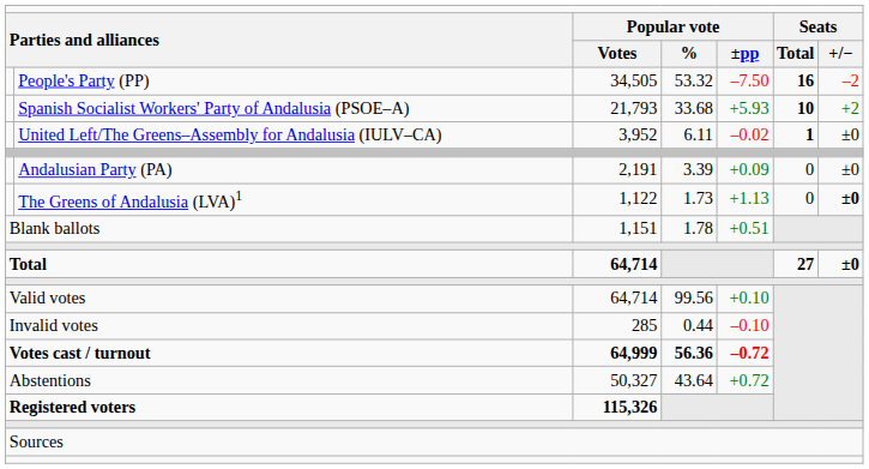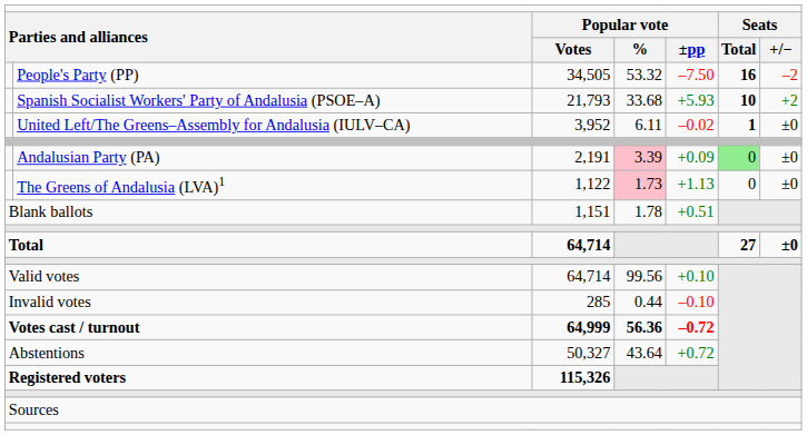 <table class="wikitable" style="text-align:right;">
 <tr>
 <td colspan="7"></td>
 </tr>
 <tr>
 <th style="text-align:left;" rowspan="2" colspan="2" width="525">Parties and alliances</th>
 <th colspan="3">Popular vote</th>
 <th colspan="2">Seats</th>
 </tr>
 <tr>
 <th width="75">Votes</th>
 <th width="45">%</th>
 <th width="45">±<a href='#'>pp</a></th>
 <th width="35">Total</th>
 <th width="35">+/−</th>
 </tr>
 <tr>
 <td width="1" style="color:inherit;background:"></td>
 <td align="left"><a href='#'>People's Party</a> (PP)</td>
 <td>34,505</td>
 <td>53.32</td>
 <td style="color:red;">–7.50</td>
 <td><strong>16</strong></td>
 <td style="color:red;">–2</td>
 </tr>
 <tr>
 <td style="color:inherit;background:"></td>
 <td align="left"><a href='#'>Spanish Socialist Workers' Party of Andalusia</a> (PSOE–A)</td>
 <td>21,793</td>
 <td>33.68</td>
 <td style="color:green;">+5.93</td>
 <td><strong>10</strong></td>
 <td style="color:green;">+2</td>
 </tr>
 <tr>
 <td style="color:inherit;background:"></td>
 <td align="left"><a href='#'>United Left/The Greens–Assembly for Andalusia</a> (IULV–CA)</td>
 <td>3,952</td>
 <td>6.11</td>
 <td style="color:red;">–0.02</td>
 <td><strong>1</strong></td>
 <td>±0</td>
 </tr>
 <tr>
 <td colspan="7" bgcolor="#C0C0C0"></td>
 </tr>
 <tr>
 <td style="color:inherit;background:"></td>
 <td align="left"><a href='#'>Andalusian Party</a> (PA)</td>
 <td>2,191</td>
-<td>3.39</td>
+<td style="background: pink;">3.39</td>
 <td style="color:green;">+0.09</td>
-<td>0</td>
+<td style="background: lightgreen;">0</td>
 <td>±0</td>
 </tr>
 <tr>
 <td style="color:inherit;background:"></td>
 <td align="left"><a href='#'>The Greens of Andalusia</a> (LVA)<sup>1</sup></td>
 <td>1,122</td>
-<td>1.73</td>
+<td style="background: pink;">1.73</td>
 <td style="color:green;">+1.13</td>
 <td>0</td>
-<td><strong>±0</strong></td>
+<td>±0</td>
 </tr>
 <tr>
 <td align="left" colspan="2">Blank ballots</td>
 <td>1,151</td>
 <td>1.78</td>
 <td style="color:green;">+0.51</td>
 <td bgcolor="#E9E9E9" colspan="2"></td>
 </tr>
 <tr>
 <td colspan="7" bgcolor="#E9E9E9"></td>
 </tr>
 <tr style="font-weight:bold;">
 <td align="left" colspan="2">Total</td>
 <td>64,714</td>
 <td bgcolor="#E9E9E9" colspan="2"></td>
 <td>27</td>
 <td>±0</td>
 </tr>
 <tr>
 <td colspan="7" bgcolor="#E9E9E9"></td>
 </tr>
 <tr>
 <td align="left" colspan="2">Valid votes</td>
 <td>64,714</td>
 <td>99.56</td>
 <td style="color:green;">+0.10</td>
 <td bgcolor="#E9E9E9" colspan="2" rowspan="5"></td>
 </tr>
 <tr>
 <td align="left" colspan="2">Invalid votes</td>
 <td>285</td>
 <td>0.44</td>
 <td style="color:red;">–0.10</td>
 </tr>
 <tr style="font-weight:bold;">
 <td align="left" colspan="2">Votes cast / turnout</td>
 <td>64,999</td>
 <td>56.36</td>
 <td style="color:red;">–0.72</td>
 </tr>
 <tr>
 <td align="left" colspan="2">Abstentions</td>
 <td>50,327</td>
 <td>43.64</td>
 <td style="color:green;">+0.72</td>
 </tr>
 <tr style="font-weight:bold;">
 <td align="left" colspan="2">Registered voters</td>
 <td>115,326</td>
 <td bgcolor="#E9E9E9" colspan="2"></td>
 </tr>
 <tr>
 <td colspan="7" bgcolor="#E9E9E9"></td>
 </tr>
 <tr>
 <td align="left" colspan="7">Sources</td>
 </tr>
 <tr>
 <td colspan="7" style="text-align:left; max-width:790px;"></td>
 </tr>
 </table>
